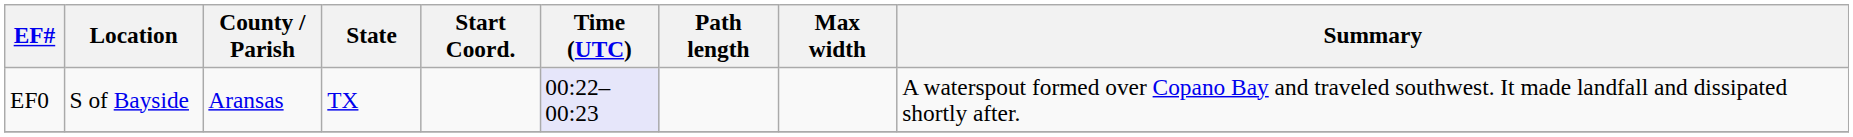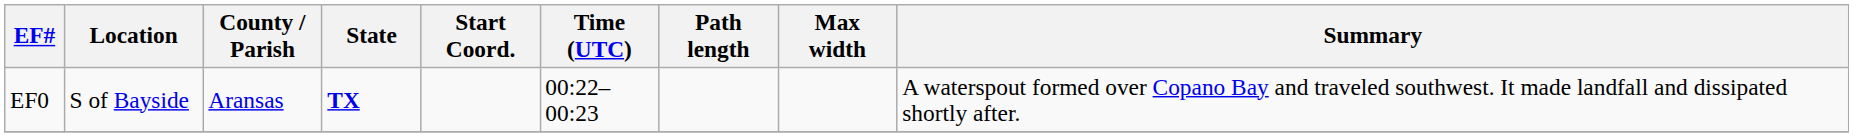 <table class="wikitable sortable" style="width:100%;">
 <tr>
 <th scope="col"  style="width:3%; text-align:center;"><a href='#'>EF#</a></th>
 <th scope="col"  style="width:7%; text-align:center;" class="unsortable">Location</th>
 <th scope="col"  style="width:6%; text-align:center;" class="unsortable">County / Parish</th>
 <th scope="col"  style="width:5%; text-align:center;">State</th>
 <th scope="col"  style="width:6%; text-align:center;">Start Coord.</th>
 <th scope="col"  style="width:6%; text-align:center;">Time (<a href='#'>UTC</a>)</th>
 <th scope="col"  style="width:6%; text-align:center;">Path length</th>
 <th scope="col"  style="width:6%; text-align:center;">Max width</th>
 <th scope="col" class="unsortable" style="width:48%; text-align:center;">Summary</th>
 </tr>
 <tr>
 <td>EF0</td>
 <td>S of <a href='#'>Bayside</a></td>
 <td><a href='#'>Aransas</a></td>
-<td><a href='#'>TX</a></td>
+<td><strong><a href='#'>TX</a></strong></td>
 <td></td>
-<td style="background: lavender;">00:22–00:23</td>
+<td>00:22–00:23</td>
 <td></td>
 <td></td>
 <td>A waterspout formed over <a href='#'>Copano Bay</a> and traveled southwest. It made landfall and dissipated shortly after.</td>
 </tr>
 <tr>
 </tr>
 </table>
